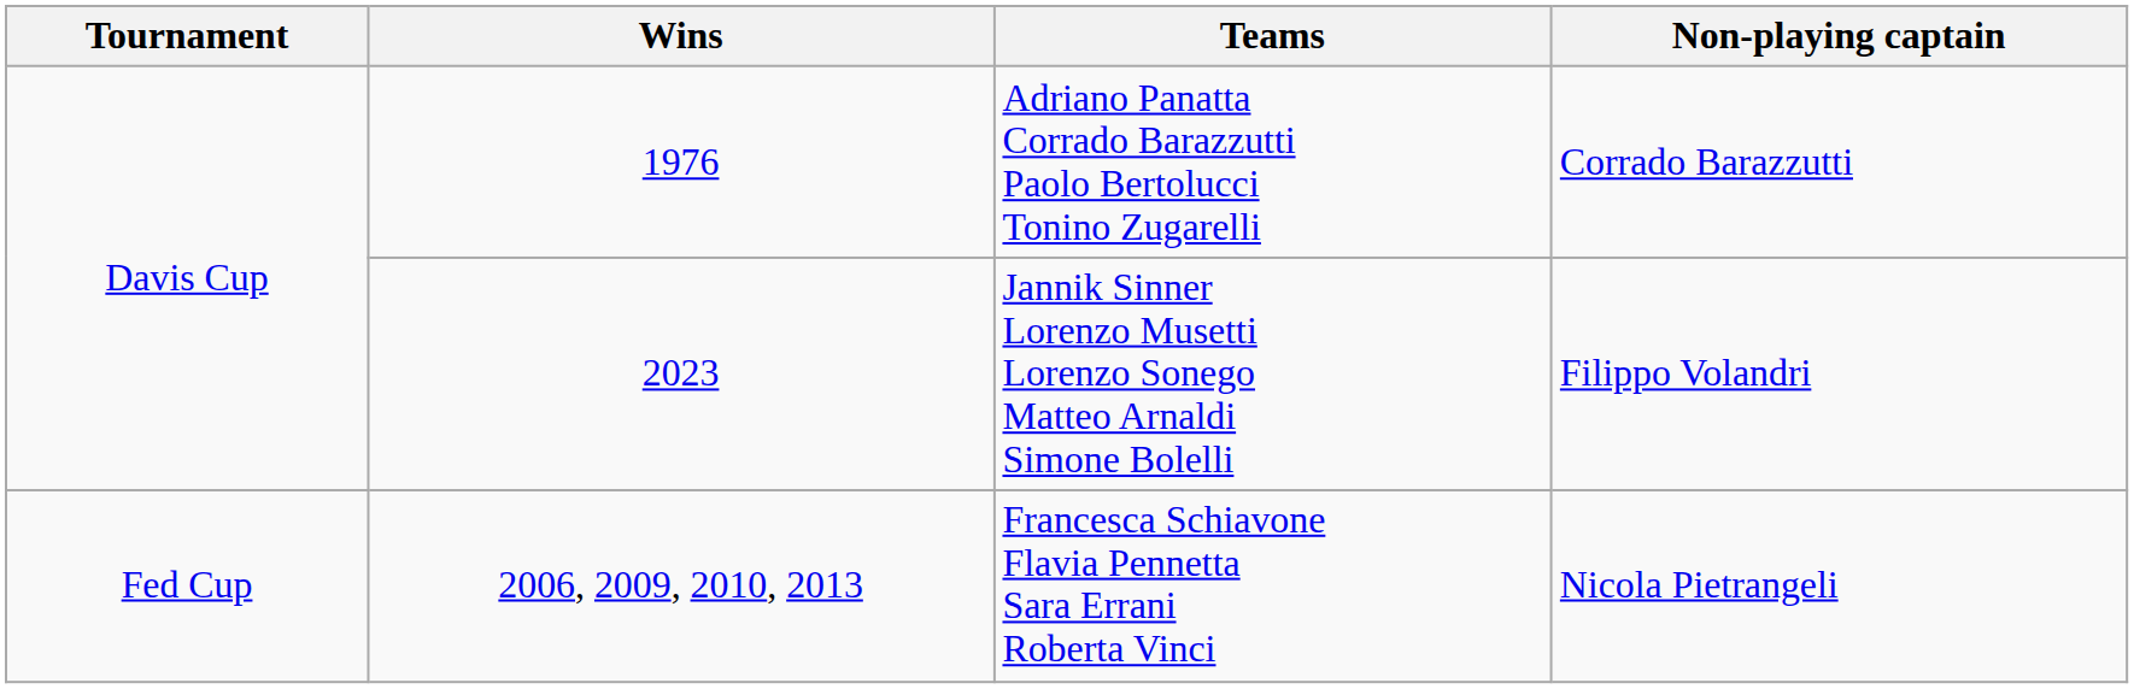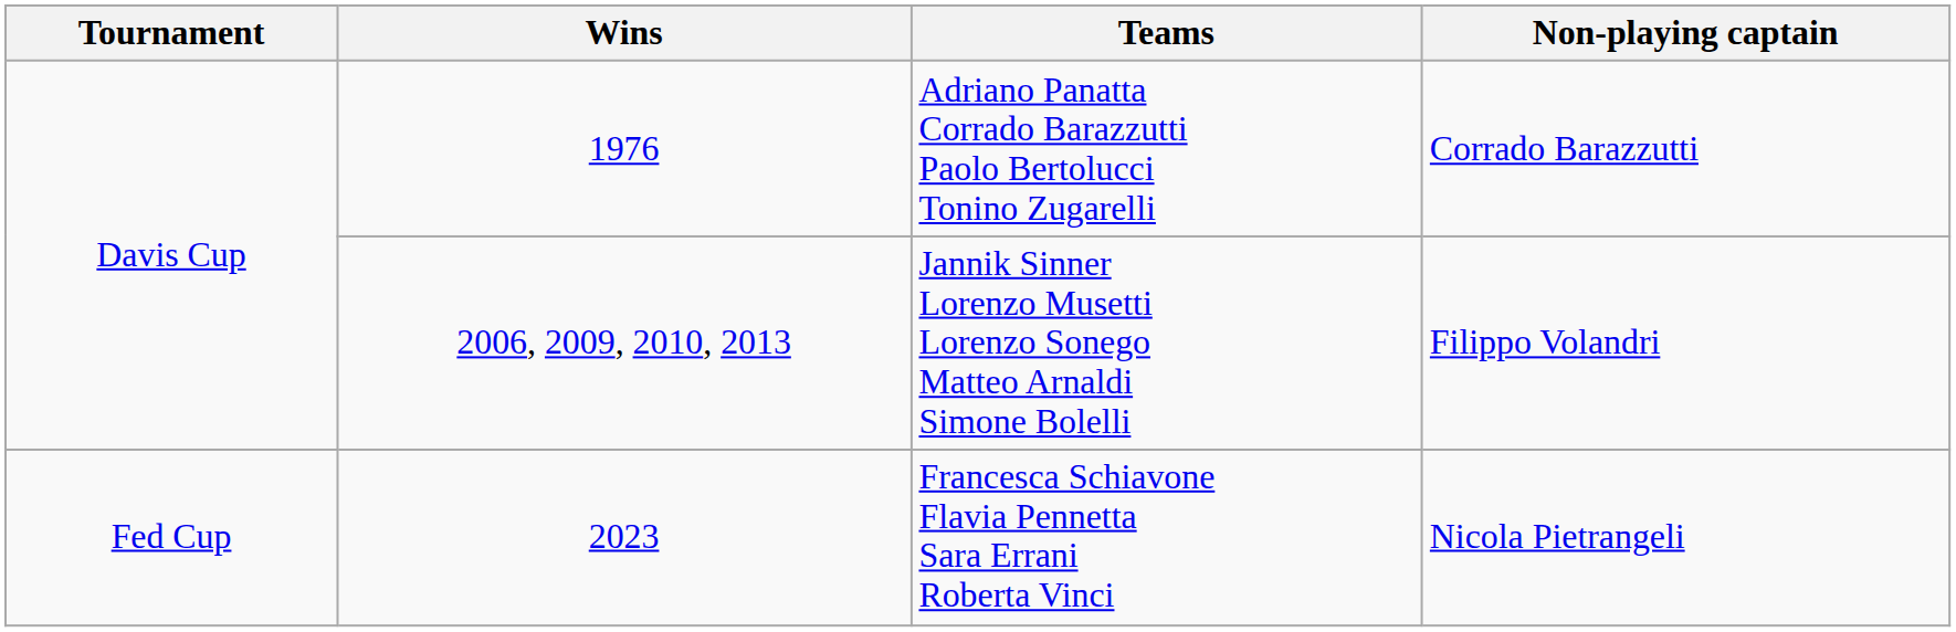 <table class="wikitable" width=70% style="font-size:100%; text-align:left;">
 <tr>
 <th>Tournament</th>
 <th>Wins</th>
 <th>Teams</th>
 <th>Non-playing captain</th>
 </tr>
 <tr>
 <td align=center rowspan=2><a href='#'>Davis Cup</a></td>
 <td align=center><a href='#'>1976</a></td>
 <td><a href='#'>Adriano Panatta</a><br><a href='#'>Corrado Barazzutti</a><br><a href='#'>Paolo Bertolucci</a><br><a href='#'>Tonino Zugarelli</a></td>
 <td><a href='#'>Corrado Barazzutti</a></td>
 </tr>
 <tr>
-<td align=center><a href='#'>2023</a></td>
+<td align=center><a href='#'>2006</a>, <a href='#'>2009</a>, <a href='#'>2010</a>, <a href='#'>2013</a></td>
 <td><a href='#'>Jannik Sinner</a><br><a href='#'>Lorenzo Musetti</a><br><a href='#'>Lorenzo Sonego</a><br><a href='#'>Matteo Arnaldi</a><br><a href='#'>Simone Bolelli</a></td>
 <td><a href='#'>Filippo Volandri</a></td>
 </tr>
 <tr>
 <td align=center><a href='#'>Fed Cup</a></td>
-<td align=center><a href='#'>2006</a>, <a href='#'>2009</a>, <a href='#'>2010</a>, <a href='#'>2013</a></td>
+<td align=center><a href='#'>2023</a></td>
 <td><a href='#'>Francesca Schiavone</a><br><a href='#'>Flavia Pennetta</a><br><a href='#'>Sara Errani</a><br><a href='#'>Roberta Vinci</a></td>
 <td><a href='#'>Nicola Pietrangeli</a></td>
 </tr>
 </table>
